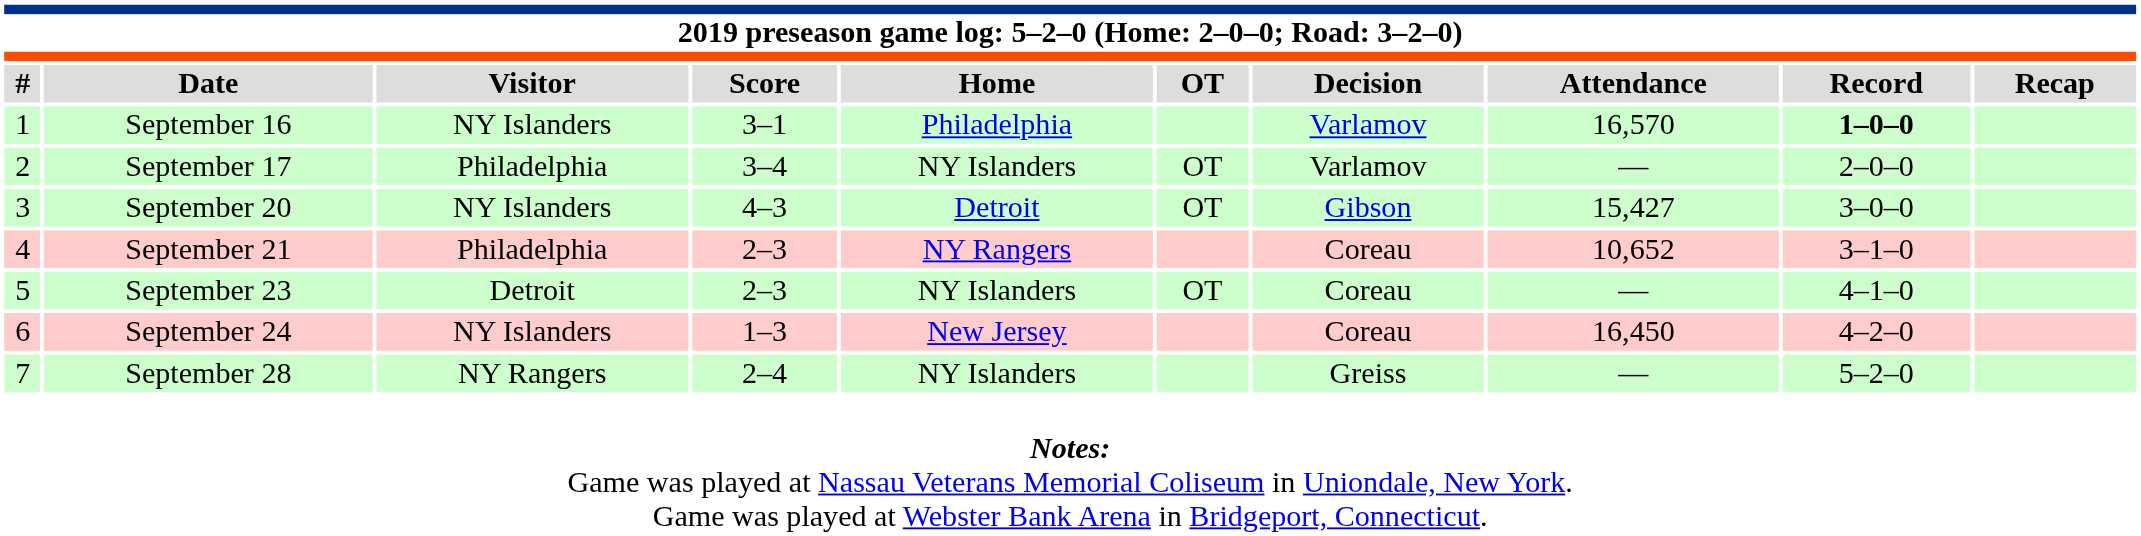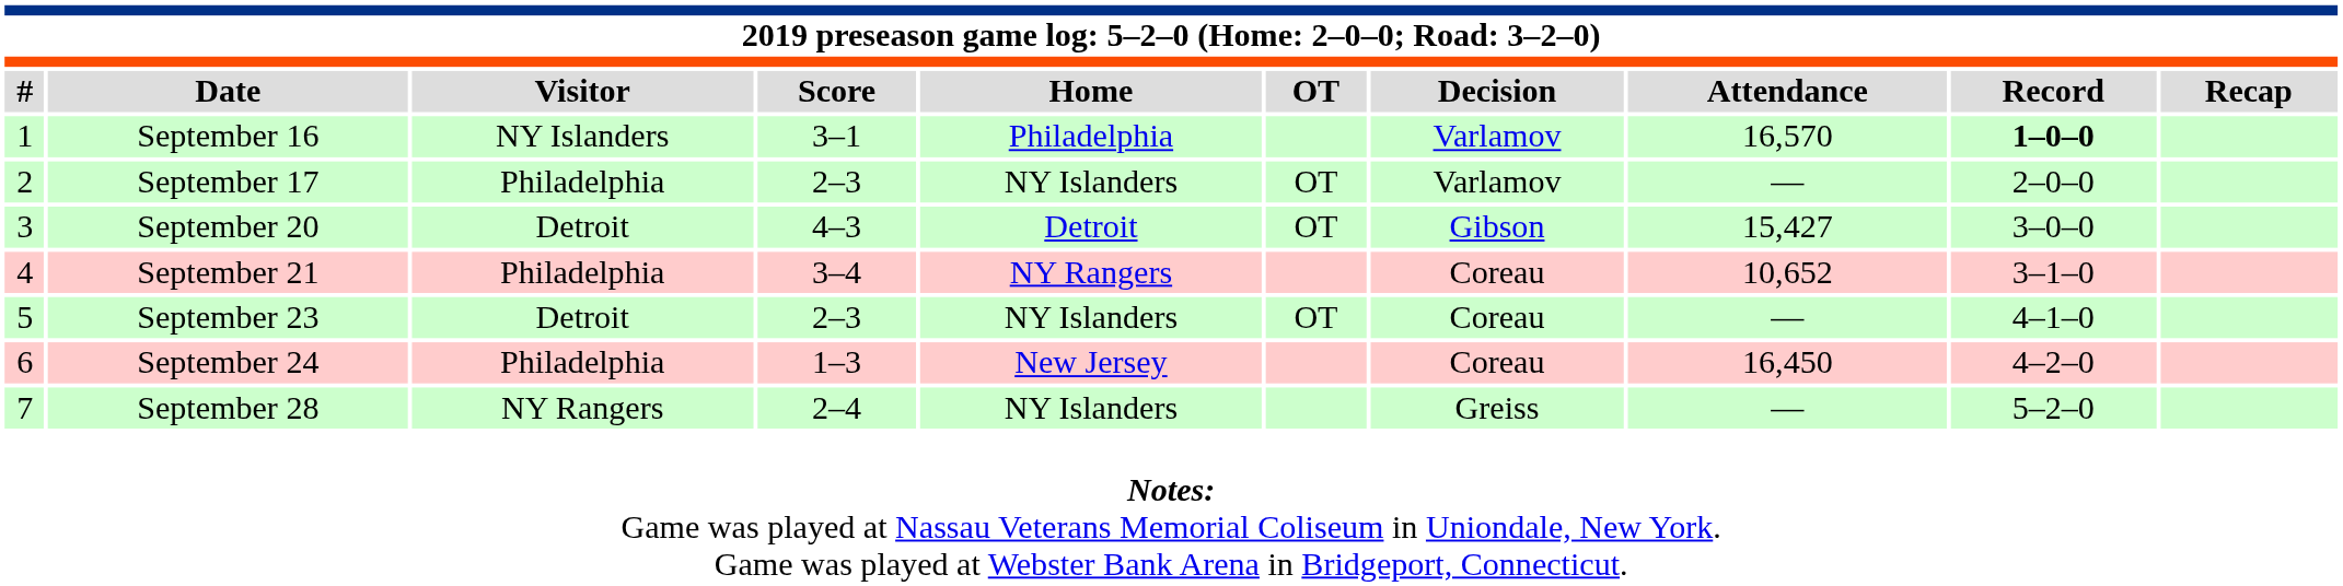 <table class="toccolours collapsible collapsed" style="width:90%; clear:both; margin:1.5em auto; text-align:center;">
 <tr>
 <th colspan="10" style="background:#FFFFFF; border-top:#003087 5px solid; border-bottom:#FC4C02 5px solid;">2019 preseason game log: 5–2–0 (Home: 2–0–0; Road: 3–2–0)</th>
 </tr>
 <tr style="background:#ddd;">
 <th>#</th>
 <th>Date</th>
 <th>Visitor</th>
 <th>Score</th>
 <th>Home</th>
 <th>OT</th>
 <th>Decision</th>
 <th>Attendance</th>
 <th>Record</th>
 <th>Recap</th>
 </tr>
 <tr style="background:#cfc;">
 <td>1</td>
 <td>September 16</td>
 <td>NY Islanders</td>
 <td>3–1</td>
 <td><a href='#'>Philadelphia</a></td>
 <td></td>
 <td><a href='#'>Varlamov</a></td>
 <td>16,570</td>
 <td><strong>1–0–0</strong></td>
 <td></td>
 </tr>
 <tr style="background:#cfc;">
 <td>2</td>
 <td>September 17</td>
 <td>Philadelphia</td>
-<td>3–4</td>
+<td>2–3</td>
 <td>NY Islanders</td>
 <td>OT</td>
 <td>Varlamov</td>
 <td>—</td>
 <td>2–0–0</td>
 <td></td>
 </tr>
 <tr style="background:#cfc;">
 <td>3</td>
 <td>September 20</td>
-<td>NY Islanders</td>
+<td>Detroit</td>
 <td>4–3</td>
 <td><a href='#'>Detroit</a></td>
 <td>OT</td>
 <td><a href='#'>Gibson</a></td>
 <td>15,427</td>
 <td>3–0–0</td>
 <td></td>
 </tr>
 <tr style="background:#fcc;">
 <td>4</td>
 <td>September 21</td>
 <td>Philadelphia</td>
-<td>2–3</td>
+<td>3–4</td>
 <td><a href='#'>NY Rangers</a></td>
 <td></td>
 <td>Coreau</td>
 <td>10,652</td>
 <td>3–1–0</td>
 <td></td>
 </tr>
 <tr style="background:#cfc;">
 <td>5</td>
 <td>September 23</td>
 <td>Detroit</td>
 <td>2–3</td>
 <td>NY Islanders</td>
 <td>OT</td>
 <td>Coreau</td>
 <td>—</td>
 <td>4–1–0</td>
 <td></td>
 </tr>
 <tr style="background:#fcc;">
 <td>6</td>
 <td>September 24</td>
-<td>NY Islanders</td>
+<td>Philadelphia</td>
 <td>1–3</td>
 <td><a href='#'>New Jersey</a></td>
 <td></td>
 <td>Coreau</td>
 <td>16,450</td>
 <td>4–2–0</td>
 <td></td>
 </tr>
 <tr style="background:#cfc;">
 <td>7</td>
 <td>September 28</td>
 <td>NY Rangers</td>
 <td>2–4</td>
 <td>NY Islanders</td>
 <td></td>
 <td>Greiss</td>
 <td>—</td>
 <td>5–2–0</td>
 <td></td>
 </tr>
 <tr>
 <td colspan="10" style="text-align:center;"><br><strong><em>Notes:</em></strong><br>  Game was played at <a href='#'>Nassau Veterans Memorial Coliseum</a> in <a href='#'>Uniondale, New York</a>.<br>  Game was played at <a href='#'>Webster Bank Arena</a> in <a href='#'>Bridgeport, Connecticut</a>.<br></td>
 </tr>
 </table>
